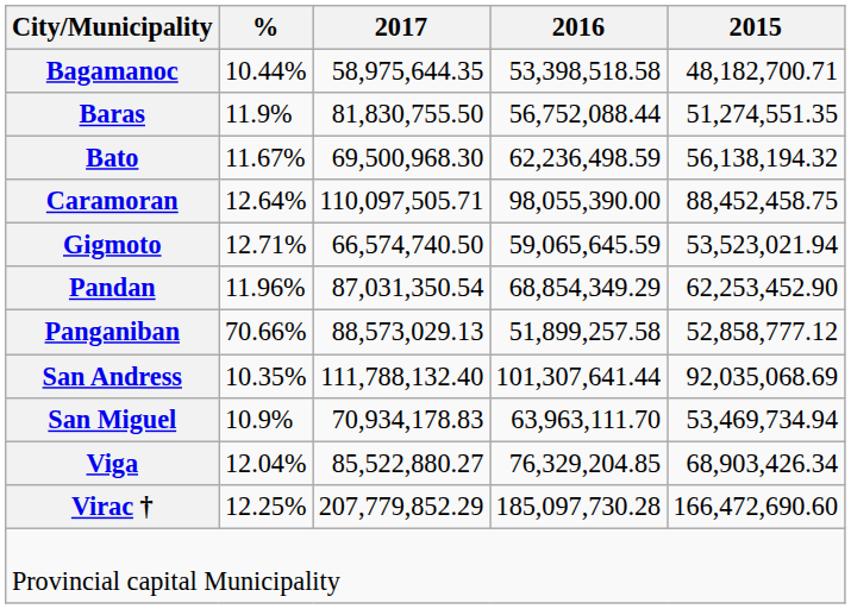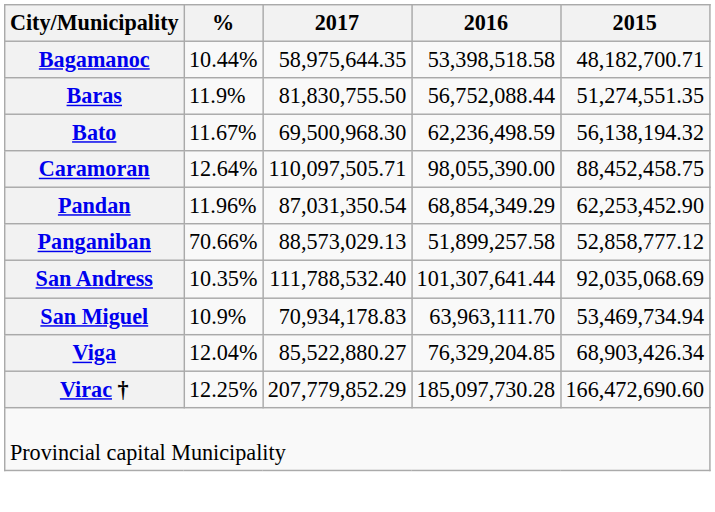 <table class="wikitable sortable" style="text-align: right; font-size:95%;">
 <tr>
 <th scope="col">City/Municipality</th>
 <th scope="col">%</th>
 <th scope="col">2017</th>
 <th scope="col">2016</th>
 <th scope="col">2015</th>
 </tr>
 <tr>
 <th scope="row"><a href='#'>Bagamanoc</a></th>
 <td style="text-align:left;"> 10.44%</td>
 <td>58,975,644.35</td>
 <td>53,398,518.58</td>
 <td>48,182,700.71</td>
 </tr>
 <tr>
 <th scope="row"><a href='#'>Baras</a></th>
 <td style="text-align:left;"> 11.9%</td>
 <td>81,830,755.50</td>
 <td>56,752,088.44</td>
 <td>51,274,551.35</td>
 </tr>
 <tr>
 <th scope="row"><a href='#'>Bato</a></th>
 <td style="text-align:left;"> 11.67%</td>
 <td>69,500,968.30</td>
 <td>62,236,498.59</td>
 <td>56,138,194.32</td>
 </tr>
 <tr>
 <th scope="row"><a href='#'>Caramoran</a></th>
 <td style="text-align:left;"> 12.64%</td>
 <td>110,097,505.71</td>
 <td>98,055,390.00</td>
 <td>88,452,458.75</td>
 </tr>
 <tr>
-<th scope="row"><a href='#'>Gigmoto</a></th>
-<td style="text-align:left;"> 12.71%</td>
-<td>66,574,740.50</td>
-<td>59,065,645.59</td>
-<td>53,523,021.94</td>
-</tr>
-<tr>
 <th scope="row"><a href='#'>Pandan</a></th>
 <td style="text-align:left;"> 11.96%</td>
 <td>87,031,350.54</td>
 <td>68,854,349.29</td>
 <td>62,253,452.90</td>
 </tr>
 <tr>
 <th scope="row"><a href='#'>Panganiban</a></th>
 <td style="text-align:left;"> 70.66%</td>
 <td>88,573,029.13</td>
 <td>51,899,257.58</td>
 <td>52,858,777.12</td>
 </tr>
 <tr>
 <th scope="row"><a href='#'>San Andress</a></th>
 <td style="text-align:left;"> 10.35%</td>
-<td>111,788,132.40</td>
+<td>111,788,532.40</td>
 <td>101,307,641.44</td>
 <td>92,035,068.69</td>
 </tr>
 <tr>
 <th scope="row"><a href='#'>San Miguel</a></th>
 <td style="text-align:left;"> 10.9%</td>
 <td>70,934,178.83</td>
 <td>63,963,111.70</td>
 <td>53,469,734.94</td>
 </tr>
 <tr>
 <th scope="row"><a href='#'>Viga</a></th>
 <td style="text-align:left;"> 12.04%</td>
 <td>85,522,880.27</td>
 <td>76,329,204.85</td>
 <td>68,903,426.34</td>
 </tr>
 <tr>
 <th scope="row"><a href='#'>Virac</a> †</th>
 <td style="text-align:left;"> 12.25%</td>
 <td>207,779,852.29</td>
 <td>185,097,730.28</td>
 <td>166,472,690.60</td>
 </tr>
 <tr class="sortbottom">
 <td colspan="5" style="text-align: left"><br>Provincial capital Municipality</td>
 </tr>
 </table>
